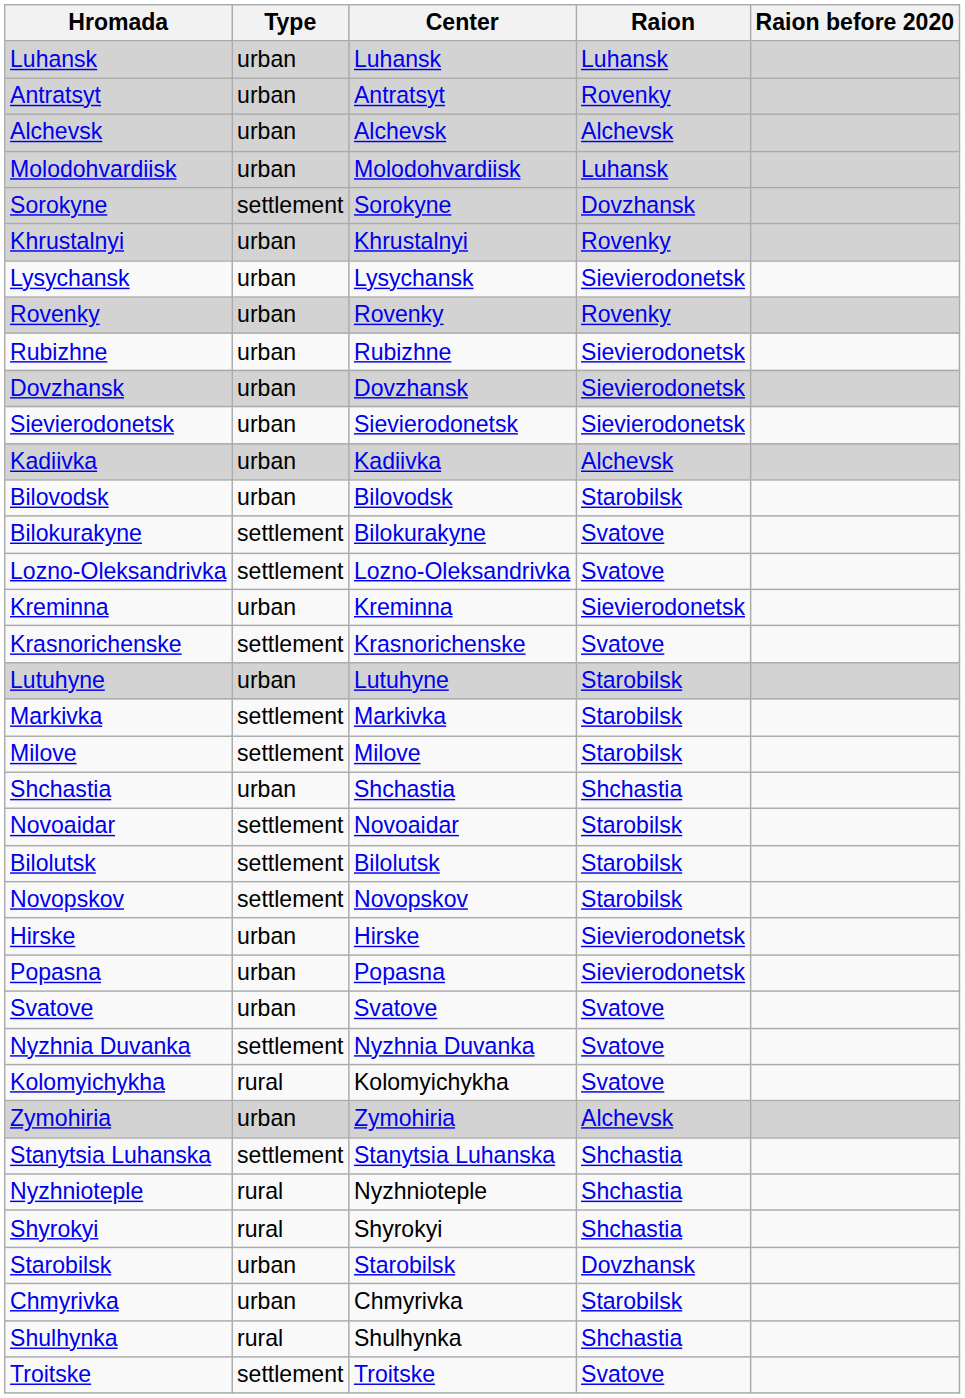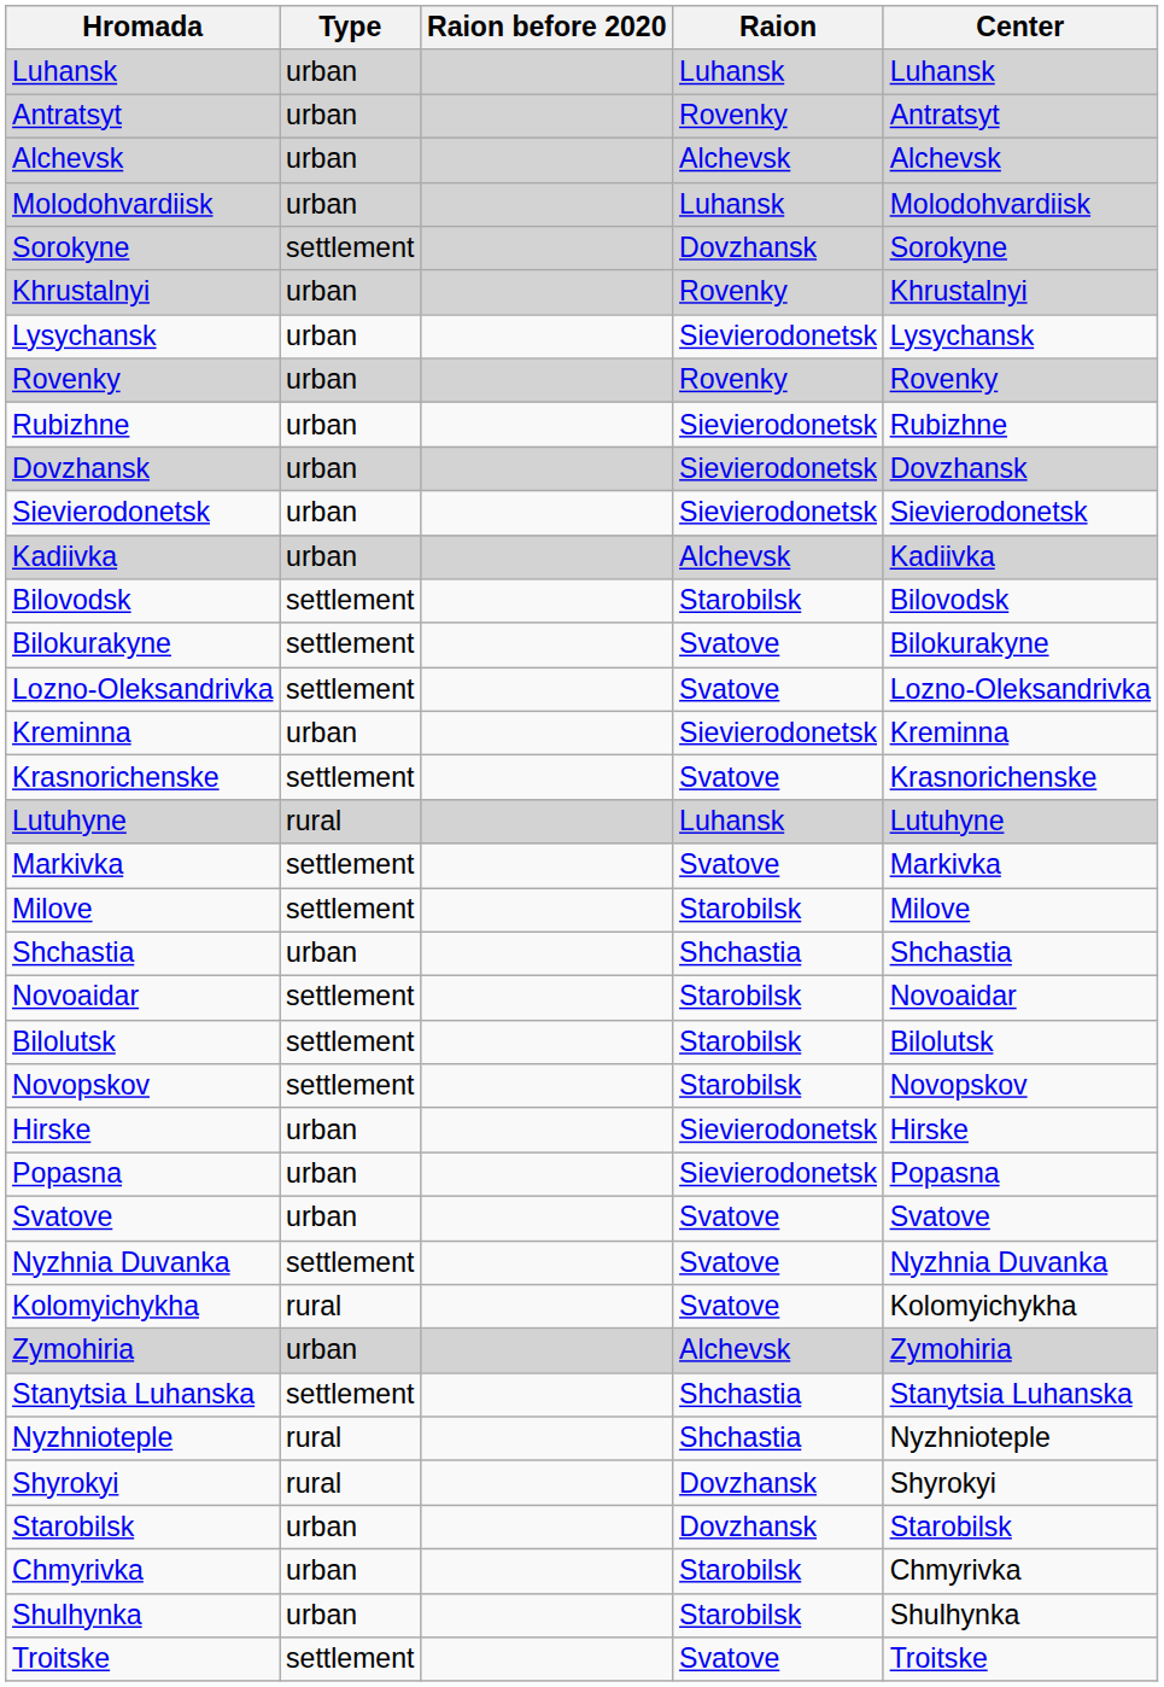 <table class='wikitable sortable'>
 <tr>
 <th>Hromada</th>
 <th>Type</th>
+<th>Raion before 2020</th>
+<th>Raion</th>
 <th>Center</th>
-<th>Raion</th>
-<th>Raion before 2020</th>
 </tr>
 <tr bgcolor=lightgray>
 <td><a href='#'>Luhansk</a></td>
 <td>urban</td>
+<td></td>
 <td><a href='#'>Luhansk</a></td>
 <td><a href='#'>Luhansk</a></td>
-<td></td>
 </tr>
 <tr bgcolor=lightgray>
 <td><a href='#'>Antratsyt</a></td>
 <td>urban</td>
+<td></td>
+<td><a href='#'>Rovenky</a></td>
 <td><a href='#'>Antratsyt</a></td>
-<td><a href='#'>Rovenky</a></td>
-<td></td>
 </tr>
 <tr bgcolor=lightgray>
 <td><a href='#'>Alchevsk</a></td>
 <td>urban</td>
+<td></td>
 <td><a href='#'>Alchevsk</a></td>
 <td><a href='#'>Alchevsk</a></td>
-<td></td>
 </tr>
 <tr bgcolor=lightgray>
 <td><a href='#'>Molodohvardiisk</a></td>
 <td>urban</td>
+<td></td>
+<td><a href='#'>Luhansk</a></td>
 <td><a href='#'>Molodohvardiisk</a></td>
-<td><a href='#'>Luhansk</a></td>
-<td></td>
 </tr>
 <tr bgcolor=lightgray>
 <td><a href='#'>Sorokyne</a></td>
 <td>settlement</td>
+<td></td>
+<td><a href='#'>Dovzhansk</a></td>
 <td><a href='#'>Sorokyne</a></td>
-<td><a href='#'>Dovzhansk</a></td>
-<td></td>
 </tr>
 <tr bgcolor=lightgray>
 <td><a href='#'>Khrustalnyi</a></td>
 <td>urban</td>
+<td></td>
+<td><a href='#'>Rovenky</a></td>
 <td><a href='#'>Khrustalnyi</a></td>
-<td><a href='#'>Rovenky</a></td>
-<td></td>
 </tr>
 <tr>
 <td><a href='#'>Lysychansk</a></td>
 <td>urban</td>
+<td></td>
+<td><a href='#'>Sievierodonetsk</a></td>
 <td><a href='#'>Lysychansk</a></td>
-<td><a href='#'>Sievierodonetsk</a></td>
-<td></td>
 </tr>
 <tr bgcolor=lightgray>
 <td><a href='#'>Rovenky</a></td>
 <td>urban</td>
+<td></td>
 <td><a href='#'>Rovenky</a></td>
 <td><a href='#'>Rovenky</a></td>
-<td></td>
 </tr>
 <tr>
 <td><a href='#'>Rubizhne</a></td>
 <td>urban</td>
+<td></td>
+<td><a href='#'>Sievierodonetsk</a></td>
 <td><a href='#'>Rubizhne</a></td>
-<td><a href='#'>Sievierodonetsk</a></td>
-<td></td>
 </tr>
 <tr bgcolor=lightgray>
 <td><a href='#'>Dovzhansk</a></td>
 <td>urban</td>
+<td></td>
+<td><a href='#'>Sievierodonetsk</a></td>
 <td><a href='#'>Dovzhansk</a></td>
-<td><a href='#'>Sievierodonetsk</a></td>
-<td></td>
 </tr>
 <tr>
 <td><a href='#'>Sievierodonetsk</a></td>
 <td>urban</td>
+<td></td>
 <td><a href='#'>Sievierodonetsk</a></td>
 <td><a href='#'>Sievierodonetsk</a></td>
-<td></td>
 </tr>
 <tr bgcolor=lightgray>
 <td><a href='#'>Kadiivka</a></td>
 <td>urban</td>
+<td></td>
+<td><a href='#'>Alchevsk</a></td>
 <td><a href='#'>Kadiivka</a></td>
-<td><a href='#'>Alchevsk</a></td>
-<td></td>
 </tr>
 <tr>
 <td><a href='#'>Bilovodsk</a></td>
-<td>urban</td>
+<td>settlement</td>
+<td></td>
+<td><a href='#'>Starobilsk</a></td>
 <td><a href='#'>Bilovodsk</a></td>
-<td><a href='#'>Starobilsk</a></td>
-<td></td>
 </tr>
 <tr>
 <td><a href='#'>Bilokurakyne</a></td>
 <td>settlement</td>
+<td></td>
+<td><a href='#'>Svatove</a></td>
 <td><a href='#'>Bilokurakyne</a></td>
-<td><a href='#'>Svatove</a></td>
-<td></td>
 </tr>
 <tr>
 <td><a href='#'>Lozno-Oleksandrivka</a></td>
 <td>settlement</td>
+<td></td>
+<td><a href='#'>Svatove</a></td>
 <td><a href='#'>Lozno-Oleksandrivka</a></td>
-<td><a href='#'>Svatove</a></td>
-<td></td>
 </tr>
 <tr>
 <td><a href='#'>Kreminna</a></td>
 <td>urban</td>
+<td></td>
+<td><a href='#'>Sievierodonetsk</a></td>
 <td><a href='#'>Kreminna</a></td>
-<td><a href='#'>Sievierodonetsk</a></td>
-<td></td>
 </tr>
 <tr>
 <td><a href='#'>Krasnorichenske</a></td>
 <td>settlement</td>
+<td></td>
+<td><a href='#'>Svatove</a></td>
 <td><a href='#'>Krasnorichenske</a></td>
-<td><a href='#'>Svatove</a></td>
-<td></td>
 </tr>
 <tr bgcolor=lightgray>
 <td><a href='#'>Lutuhyne</a></td>
-<td>urban</td>
+<td>rural</td>
+<td></td>
+<td><a href='#'>Luhansk</a></td>
 <td><a href='#'>Lutuhyne</a></td>
-<td><a href='#'>Starobilsk</a></td>
-<td></td>
 </tr>
 <tr>
 <td><a href='#'>Markivka</a></td>
 <td>settlement</td>
+<td></td>
+<td><a href='#'>Svatove</a></td>
 <td><a href='#'>Markivka</a></td>
-<td><a href='#'>Starobilsk</a></td>
-<td></td>
 </tr>
 <tr>
 <td><a href='#'>Milove</a></td>
 <td>settlement</td>
+<td></td>
+<td><a href='#'>Starobilsk</a></td>
 <td><a href='#'>Milove</a></td>
-<td><a href='#'>Starobilsk</a></td>
-<td></td>
 </tr>
 <tr>
 <td><a href='#'>Shchastia</a></td>
 <td>urban</td>
+<td></td>
 <td><a href='#'>Shchastia</a></td>
 <td><a href='#'>Shchastia</a></td>
-<td></td>
 </tr>
 <tr>
 <td><a href='#'>Novoaidar</a></td>
 <td>settlement</td>
+<td></td>
+<td><a href='#'>Starobilsk</a></td>
 <td><a href='#'>Novoaidar</a></td>
-<td><a href='#'>Starobilsk</a></td>
-<td></td>
 </tr>
 <tr>
 <td><a href='#'>Bilolutsk</a></td>
 <td>settlement</td>
+<td></td>
+<td><a href='#'>Starobilsk</a></td>
 <td><a href='#'>Bilolutsk</a></td>
-<td><a href='#'>Starobilsk</a></td>
-<td></td>
 </tr>
 <tr>
 <td><a href='#'>Novopskov</a></td>
 <td>settlement</td>
+<td></td>
+<td><a href='#'>Starobilsk</a></td>
 <td><a href='#'>Novopskov</a></td>
-<td><a href='#'>Starobilsk</a></td>
-<td></td>
 </tr>
 <tr>
 <td><a href='#'>Hirske</a></td>
 <td>urban</td>
+<td></td>
+<td><a href='#'>Sievierodonetsk</a></td>
 <td><a href='#'>Hirske</a></td>
-<td><a href='#'>Sievierodonetsk</a></td>
-<td></td>
 </tr>
 <tr>
 <td><a href='#'>Popasna</a></td>
 <td>urban</td>
+<td></td>
+<td><a href='#'>Sievierodonetsk</a></td>
 <td><a href='#'>Popasna</a></td>
-<td><a href='#'>Sievierodonetsk</a></td>
-<td></td>
 </tr>
 <tr>
 <td><a href='#'>Svatove</a></td>
 <td>urban</td>
+<td></td>
 <td><a href='#'>Svatove</a></td>
 <td><a href='#'>Svatove</a></td>
-<td></td>
 </tr>
 <tr>
 <td><a href='#'>Nyzhnia Duvanka</a></td>
 <td>settlement</td>
+<td></td>
+<td><a href='#'>Svatove</a></td>
 <td><a href='#'>Nyzhnia Duvanka</a></td>
-<td><a href='#'>Svatove</a></td>
-<td></td>
 </tr>
 <tr>
 <td><a href='#'>Kolomyichykha</a></td>
 <td>rural</td>
+<td></td>
+<td><a href='#'>Svatove</a></td>
 <td>Kolomyichykha</td>
-<td><a href='#'>Svatove</a></td>
-<td></td>
 </tr>
 <tr bgcolor=lightgray>
 <td><a href='#'>Zymohiria</a></td>
 <td>urban</td>
+<td></td>
+<td><a href='#'>Alchevsk</a></td>
 <td><a href='#'>Zymohiria</a></td>
-<td><a href='#'>Alchevsk</a></td>
-<td></td>
 </tr>
 <tr>
 <td><a href='#'>Stanytsia Luhanska</a></td>
 <td>settlement</td>
+<td></td>
+<td><a href='#'>Shchastia</a></td>
 <td><a href='#'>Stanytsia Luhanska</a></td>
-<td><a href='#'>Shchastia</a></td>
-<td></td>
 </tr>
 <tr>
 <td><a href='#'>Nyzhnioteple</a></td>
 <td>rural</td>
+<td></td>
+<td><a href='#'>Shchastia</a></td>
 <td>Nyzhnioteple</td>
-<td><a href='#'>Shchastia</a></td>
-<td></td>
 </tr>
 <tr>
 <td><a href='#'>Shyrokyi</a></td>
 <td>rural</td>
+<td></td>
+<td><a href='#'>Dovzhansk</a></td>
 <td>Shyrokyi</td>
-<td><a href='#'>Shchastia</a></td>
-<td></td>
 </tr>
 <tr>
 <td><a href='#'>Starobilsk</a></td>
 <td>urban</td>
+<td></td>
+<td><a href='#'>Dovzhansk</a></td>
 <td><a href='#'>Starobilsk</a></td>
-<td><a href='#'>Dovzhansk</a></td>
-<td></td>
 </tr>
 <tr>
 <td><a href='#'>Chmyrivka</a></td>
 <td>urban</td>
+<td></td>
+<td><a href='#'>Starobilsk</a></td>
 <td>Chmyrivka</td>
-<td><a href='#'>Starobilsk</a></td>
-<td></td>
 </tr>
 <tr>
 <td><a href='#'>Shulhynka</a></td>
-<td>rural</td>
+<td>urban</td>
+<td></td>
+<td><a href='#'>Starobilsk</a></td>
 <td>Shulhynka</td>
-<td><a href='#'>Shchastia</a></td>
-<td></td>
 </tr>
 <tr>
 <td><a href='#'>Troitske</a></td>
 <td>settlement</td>
+<td></td>
+<td><a href='#'>Svatove</a></td>
 <td><a href='#'>Troitske</a></td>
-<td><a href='#'>Svatove</a></td>
-<td></td>
 </tr>
 </table>
